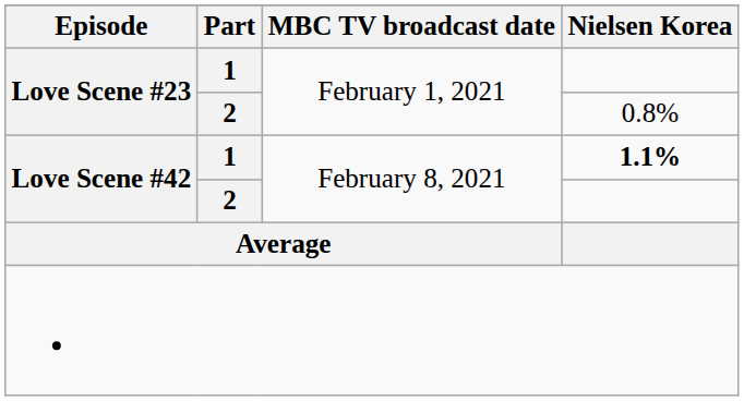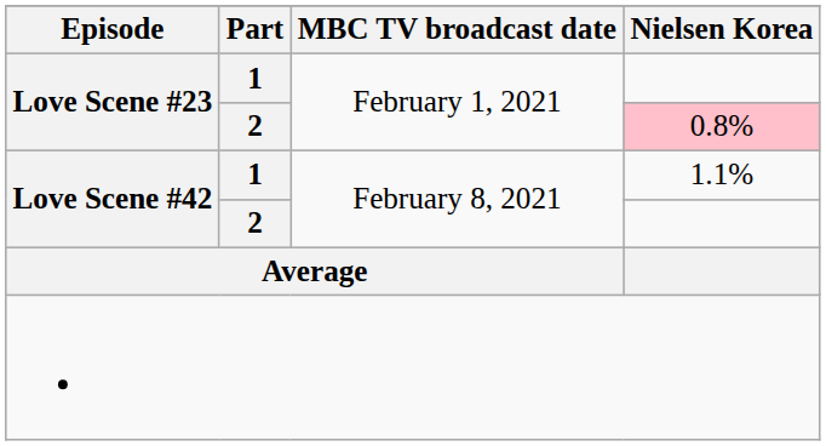 <table class="wikitable" style="text-align:center">
 <tr>
 </tr>
 <tr>
 <th>Episode</th>
 <th>Part</th>
 <th>MBC TV broadcast date</th>
 <th>Nielsen Korea</th>
 </tr>
 <tr>
 <th rowspan="2">Love Scene #23</th>
 <th>1</th>
 <td rowspan="2">February 1, 2021</td>
 <td></td>
 </tr>
 <tr>
 <th>2</th>
-<td>0.8%</td>
+<td style="background: pink;">0.8%</td>
 </tr>
 <tr>
 <th rowspan="2">Love Scene #42</th>
 <th>1</th>
 <td rowspan="2">February 8, 2021</td>
-<td><strong>1.1%</strong></td>
+<td>1.1%</td>
 </tr>
 <tr>
 <th>2</th>
 <td></td>
 </tr>
 <tr>
 <th colspan="3">Average</th>
 <th></th>
 </tr>
 <tr>
 <td colspan="5"><br><ul><li></li></ul></td>
 </tr>
 </table>
